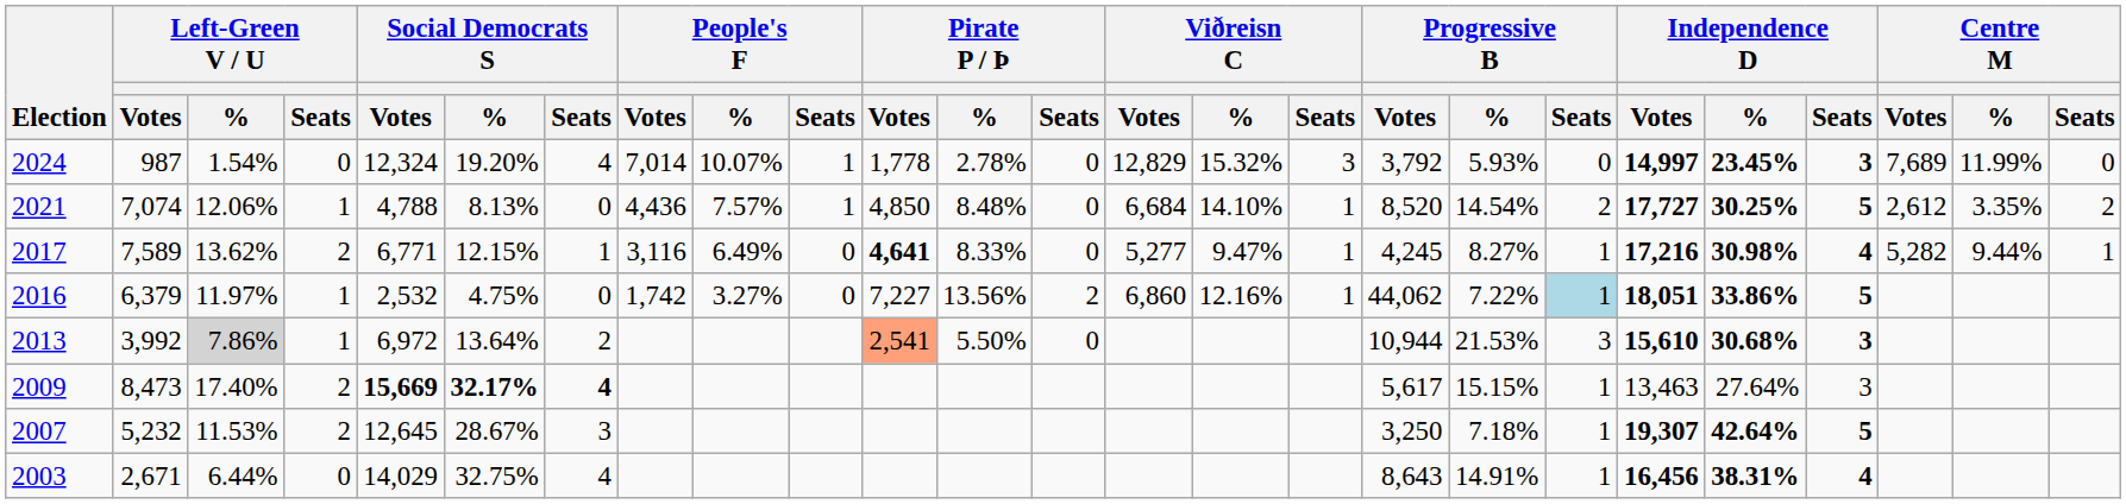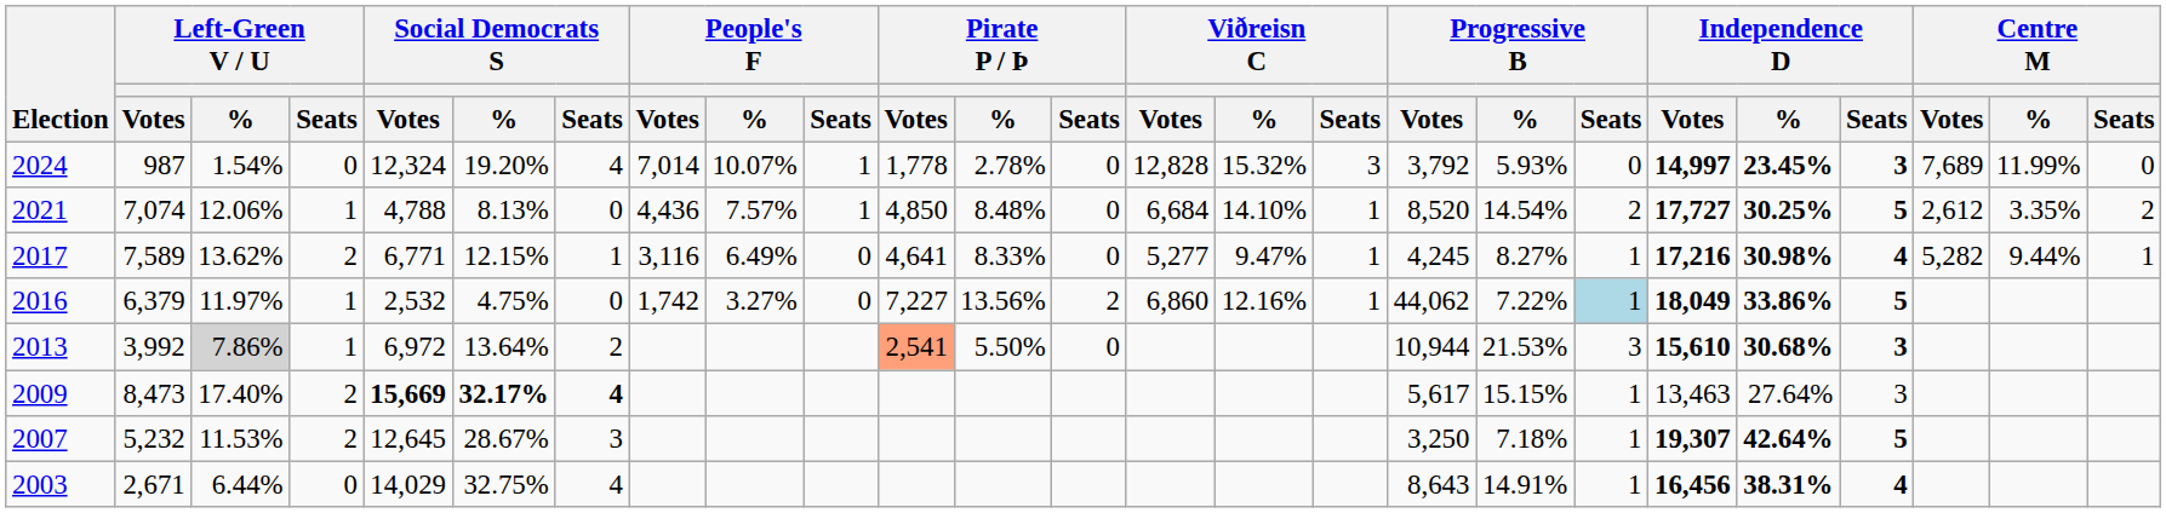 <table class="wikitable" border="1" style="font-size:95%; text-align:right;">
 <tr>
 <th style="text-align:left;" valign=bottom rowspan=3>Election</th>
 <th valign=bottom colspan=3><a href='#'>Left-Green</a><br>V / U</th>
 <th valign=bottom colspan=3><a href='#'>Social Democrats</a><br>S</th>
 <th valign=bottom colspan=3><a href='#'>People's</a><br>F</th>
 <th valign=bottom colspan=3><a href='#'>Pirate</a><br>P / Þ</th>
 <th valign=bottom colspan=3><a href='#'>Viðreisn</a><br>C</th>
 <th valign=bottom colspan=3><a href='#'>Progressive</a><br>B</th>
 <th valign=bottom colspan=3><a href='#'>Independence</a><br>D</th>
 <th valign=bottom colspan=3><a href='#'>Centre</a><br>M</th>
 </tr>
 <tr>
 <th colspan=3 style="background:"></th>
 <th colspan=3 style="background:"></th>
 <th colspan=3 style="background:"></th>
 <th colspan=3 style="background:"></th>
 <th colspan=3 style="background:"></th>
 <th colspan=3 style="background:"></th>
 <th colspan=3 style="background:"></th>
 <th colspan=3 style="background:"></th>
 </tr>
 <tr>
 <th>Votes</th>
 <th>%</th>
 <th>Seats</th>
 <th>Votes</th>
 <th>%</th>
 <th>Seats</th>
 <th>Votes</th>
 <th>%</th>
 <th>Seats</th>
 <th>Votes</th>
 <th>%</th>
 <th>Seats</th>
 <th>Votes</th>
 <th>%</th>
 <th>Seats</th>
 <th>Votes</th>
 <th>%</th>
 <th>Seats</th>
 <th>Votes</th>
 <th>%</th>
 <th>Seats</th>
 <th>Votes</th>
 <th>%</th>
 <th>Seats</th>
 </tr>
 <tr>
 <td align=left><a href='#'>2024</a></td>
 <td>987</td>
 <td>1.54%</td>
 <td>0</td>
 <td>12,324</td>
 <td>19.20%</td>
 <td>4</td>
 <td>7,014</td>
 <td>10.07%</td>
 <td>1</td>
 <td>1,778</td>
 <td>2.78%</td>
 <td>0</td>
-<td>12,829</td>
+<td>12,828</td>
 <td>15.32%</td>
 <td>3</td>
 <td>3,792</td>
 <td>5.93%</td>
 <td>0</td>
 <td><strong>14,997</strong></td>
 <td><strong>23.45%</strong></td>
 <td><strong>3</strong></td>
 <td>7,689</td>
 <td>11.99%</td>
 <td>0</td>
 </tr>
 <tr>
 <td align=left><a href='#'>2021</a></td>
 <td>7,074</td>
 <td>12.06%</td>
 <td>1</td>
 <td>4,788</td>
 <td>8.13%</td>
 <td>0</td>
 <td>4,436</td>
 <td>7.57%</td>
 <td>1</td>
 <td>4,850</td>
 <td>8.48%</td>
 <td>0</td>
 <td>6,684</td>
 <td>14.10%</td>
 <td>1</td>
 <td>8,520</td>
 <td>14.54%</td>
 <td>2</td>
 <td><strong>17,727</strong></td>
 <td><strong>30.25%</strong></td>
 <td><strong>5</strong></td>
 <td>2,612</td>
 <td>3.35%</td>
 <td>2</td>
 </tr>
 <tr>
 <td align=left><a href='#'>2017</a></td>
 <td>7,589</td>
 <td>13.62%</td>
 <td>2</td>
 <td>6,771</td>
 <td>12.15%</td>
 <td>1</td>
 <td>3,116</td>
 <td>6.49%</td>
 <td>0</td>
-<td><strong>4,641</strong></td>
+<td>4,641</td>
 <td>8.33%</td>
 <td>0</td>
 <td>5,277</td>
 <td>9.47%</td>
 <td>1</td>
 <td>4,245</td>
 <td>8.27%</td>
 <td>1</td>
 <td><strong>17,216</strong></td>
 <td><strong>30.98%</strong></td>
 <td><strong>4</strong></td>
 <td>5,282</td>
 <td>9.44%</td>
 <td>1</td>
 </tr>
 <tr>
 <td align=left><a href='#'>2016</a></td>
 <td>6,379</td>
 <td>11.97%</td>
 <td>1</td>
 <td>2,532</td>
 <td>4.75%</td>
 <td>0</td>
 <td>1,742</td>
 <td>3.27%</td>
 <td>0</td>
 <td>7,227</td>
 <td>13.56%</td>
 <td>2</td>
 <td>6,860</td>
 <td>12.16%</td>
 <td>1</td>
 <td>44,062</td>
 <td>7.22%</td>
 <td style="background: lightblue;">1</td>
-<td><strong>18,051</strong></td>
+<td><strong>18,049</strong></td>
 <td><strong>33.86%</strong></td>
 <td><strong>5</strong></td>
 <td></td>
 <td></td>
 <td></td>
 </tr>
 <tr>
 <td align=left><a href='#'>2013</a></td>
 <td>3,992</td>
 <td style="background: lightgrey;">7.86%</td>
 <td>1</td>
 <td>6,972</td>
 <td>13.64%</td>
 <td>2</td>
 <td></td>
 <td></td>
 <td></td>
 <td style="background: lightsalmon;">2,541</td>
 <td>5.50%</td>
 <td>0</td>
 <td></td>
 <td></td>
 <td></td>
 <td>10,944</td>
 <td>21.53%</td>
 <td>3</td>
 <td><strong>15,610</strong></td>
 <td><strong>30.68%</strong></td>
 <td><strong>3</strong></td>
 <td></td>
 <td></td>
 <td></td>
 </tr>
 <tr>
 <td align=left><a href='#'>2009</a></td>
 <td>8,473</td>
 <td>17.40%</td>
 <td>2</td>
 <td><strong>15,669</strong></td>
 <td><strong>32.17%</strong></td>
 <td><strong>4</strong></td>
 <td></td>
 <td></td>
 <td></td>
 <td></td>
 <td></td>
 <td></td>
 <td></td>
 <td></td>
 <td></td>
 <td>5,617</td>
 <td>15.15%</td>
 <td>1</td>
 <td>13,463</td>
 <td>27.64%</td>
 <td>3</td>
 <td></td>
 <td></td>
 <td></td>
 </tr>
 <tr>
 <td align=left><a href='#'>2007</a></td>
 <td>5,232</td>
 <td>11.53%</td>
 <td>2</td>
 <td>12,645</td>
 <td>28.67%</td>
 <td>3</td>
 <td></td>
 <td></td>
 <td></td>
 <td></td>
 <td></td>
 <td></td>
 <td></td>
 <td></td>
 <td></td>
 <td>3,250</td>
 <td>7.18%</td>
 <td>1</td>
 <td><strong>19,307</strong></td>
 <td><strong>42.64%</strong></td>
 <td><strong>5</strong></td>
 <td></td>
 <td></td>
 <td></td>
 </tr>
 <tr>
 <td align=left><a href='#'>2003</a></td>
 <td>2,671</td>
 <td>6.44%</td>
 <td>0</td>
 <td>14,029</td>
 <td>32.75%</td>
 <td>4</td>
 <td></td>
 <td></td>
 <td></td>
 <td></td>
 <td></td>
 <td></td>
 <td></td>
 <td></td>
 <td></td>
 <td>8,643</td>
 <td>14.91%</td>
 <td>1</td>
 <td><strong>16,456</strong></td>
 <td><strong>38.31%</strong></td>
 <td><strong>4</strong></td>
 <td></td>
 <td></td>
 <td></td>
 </tr>
 </table>
